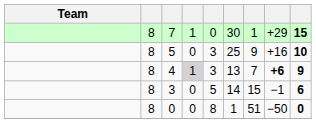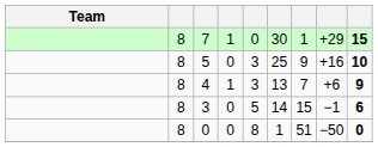 <table class=wikitable style="text-align:center">
 <tr>
 <th width="175">Team</th>
 <th width="20"></th>
 <th width="20"></th>
 <th width="20"></th>
 <th width="20"></th>
 <th width="20"></th>
 <th width="20"></th>
 <th width="20"></th>
 <th width="20"></th>
 </tr>
 <tr style="background:#cfc;">
 <td align=left></td>
 <td>8</td>
 <td>7</td>
 <td>1</td>
 <td>0</td>
 <td>30</td>
 <td>1</td>
 <td>+29</td>
 <td><strong>15</strong></td>
 </tr>
 <tr>
 <td align=left></td>
 <td>8</td>
 <td>5</td>
 <td>0</td>
 <td>3</td>
 <td>25</td>
 <td>9</td>
 <td>+16</td>
 <td><strong>10</strong></td>
 </tr>
 <tr>
 <td align=left></td>
 <td>8</td>
 <td>4</td>
-<td style="background: lightgrey;">1</td>
+<td>1</td>
 <td>3</td>
 <td>13</td>
 <td>7</td>
-<td><strong>+6</strong></td>
+<td>+6</td>
 <td><strong>9</strong></td>
 </tr>
 <tr>
 <td align=left></td>
 <td>8</td>
 <td>3</td>
 <td>0</td>
 <td>5</td>
 <td>14</td>
 <td>15</td>
 <td>−1</td>
 <td><strong>6</strong></td>
 </tr>
 <tr>
 <td align=left></td>
 <td>8</td>
 <td>0</td>
 <td>0</td>
 <td>8</td>
 <td>1</td>
 <td>51</td>
 <td>−50</td>
 <td><strong>0</strong></td>
 </tr>
 <tr>
 </tr>
 </table>
